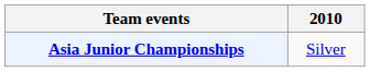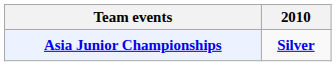 <table style='font-size: 90%; text-align:center;' class='wikitable'>
 <tr>
 <th width=180>Team events</th>
 <th>2010</th>
 </tr>
 <tr style="height: 30px;">
 <td bgcolor=ECF2FF style="width: 240px;align=left"><strong><a href='#'>Asia Junior Championships</a></strong></td>
-<td style="width: 60px"> <a href='#'>Silver</a></td>
+<td style="width: 60px"><strong> <a href='#'>Silver</a></strong></td>
 </tr>
 </table>
